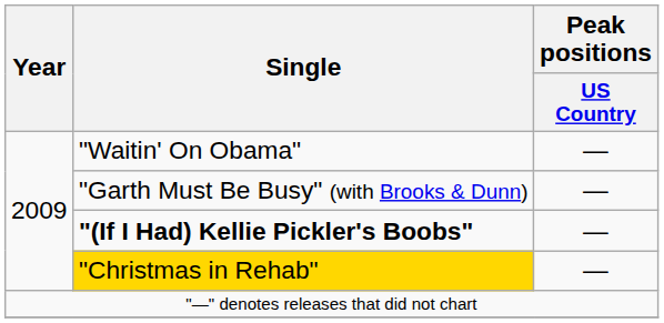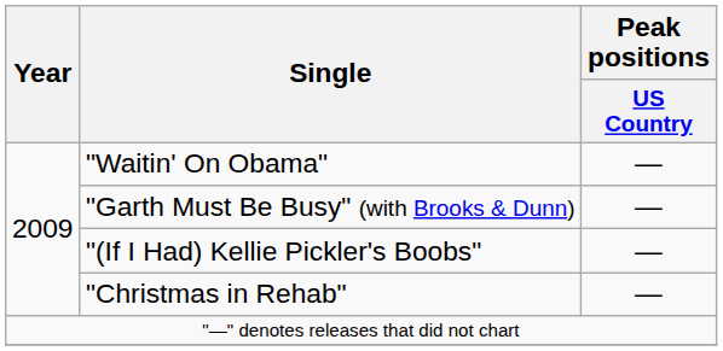 <table class="wikitable" style="text-align:center;">
 <tr>
 <th rowspan="2">Year</th>
 <th rowspan="2">Single</th>
 <th colspan="1">Peak positions</th>
 </tr>
 <tr style="font-size:smaller;">
 <th width="65"><a href='#'>US Country</a></th>
 </tr>
 <tr>
 <td rowspan="4">2009</td>
 <td align="left">"Waitin' On Obama"</td>
 <td>—</td>
 </tr>
 <tr>
 <td align="left">"Garth Must Be Busy" <small>(with <a href='#'>Brooks & Dunn</a>)</small></td>
 <td>—</td>
 </tr>
 <tr>
-<td align="left"><strong>"(If I Had) Kellie Pickler's Boobs"</strong></td>
+<td align="left">"(If I Had) Kellie Pickler's Boobs"</td>
 <td>—</td>
 </tr>
 <tr>
-<td align="left" style="background: gold;">"Christmas in Rehab"</td>
+<td align="left">"Christmas in Rehab"</td>
 <td>—</td>
 </tr>
 <tr>
 <td colspan="3" style="font-size:8pt">"—" denotes releases that did not chart</td>
 </tr>
 <tr>
 </tr>
 </table>
